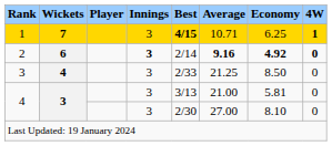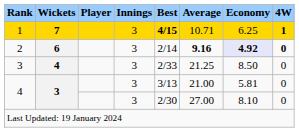 <table class="wikitable plainrowheaders sortable">
 <tr>
 <th scope="col" style="background:#9cf;">Rank</th>
 <th scope="col" style="background:#9cf;">Wickets</th>
 <th scope="col" style="background:#9cf;">Player</th>
 <th scope="col" style="background:#9cf;">Innings</th>
 <th scope="col" style="background:#9cf;">Best</th>
 <th scope="col" style="background:#9cf;">Average</th>
 <th scope="col" style="background:#9cf;">Economy</th>
 <th scope="col" style="background:#9cf;">4W</th>
 </tr>
 <tr>
 <td style="text-align:center; background:gold;">1</td>
 <th scope="row" style="text-align:center; background:gold;"><strong>7</strong></th>
 <td style="background:gold;"> </td>
 <td style="text-align:center; background:gold;">3</td>
 <td style="text-align:center; background:gold;"><strong>4/15</strong></td>
 <td style="text-align:center; background:gold;">10.71</td>
 <td style="text-align:center; background:gold;">6.25</td>
 <td style="text-align:center; background:gold;"><strong>1</strong></td>
 </tr>
 <tr>
 <td align="center">2</td>
 <th scope="row" style="text-align:center;"><strong>6</strong></th>
 <td> </td>
-<td align="center"><strong>3</strong></td>
+<td align="center">3</td>
 <td align="center">2/14</td>
 <td align="center"><strong>9.16</strong></td>
-<td align="center"><strong>4.92</strong></td>
+<td align="center" style="background: lavender;"><strong>4.92</strong></td>
 <td align="center"><strong>0</strong></td>
 </tr>
 <tr>
 <td align="center">3</td>
 <th>4</th>
 <td> </td>
 <td align="center">3</td>
 <td align="center">2/33</td>
 <td align="center">21.25</td>
 <td align="center">8.50</td>
 <td align="center">0</td>
 </tr>
 <tr>
 <td rowspan="2" align="center">4</td>
 <th rowspan="2" scope="row" style="text-align:center;"><strong>3</strong></th>
 <td> </td>
 <td align="center">3</td>
 <td align="center">3/13</td>
 <td align="center">21.00</td>
 <td align="center">5.81</td>
 <td align="center">0</td>
 </tr>
 <tr>
 <td> </td>
 <td align="center">3</td>
 <td align="center">2/30</td>
 <td align="center">27.00</td>
 <td align="center">8.10</td>
 <td align="center">0</td>
 </tr>
 <tr class="sortbottom">
 <td colspan="8"><small>Last Updated: 19 January 2024</small></td>
 </tr>
 </table>
